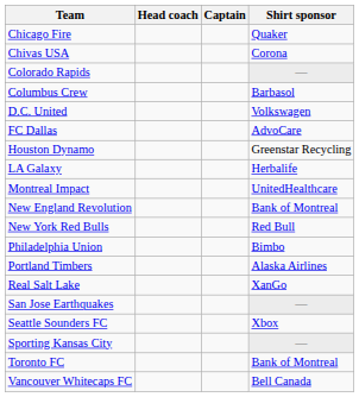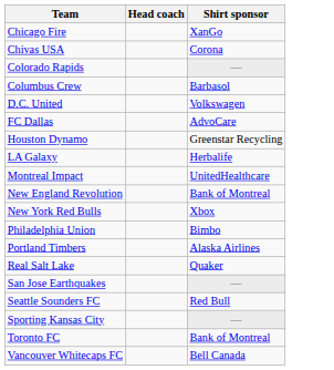 <table class="wikitable sortable" style="text-align: left;">
 <tr>
 <th>Team</th>
 <th>Head coach</th>
-<th>Captain</th>
 <th>Shirt sponsor</th>
 </tr>
 <tr>
 <td><a href='#'>Chicago Fire</a></td>
 <td> </td>
-<td> </td>
-<td><a href='#'>Quaker</a></td>
+<td><a href='#'>XanGo</a></td>
 </tr>
 <tr>
 <td><a href='#'>Chivas USA</a></td>
-<td> </td>
 <td> </td>
 <td><a href='#'>Corona</a></td>
 </tr>
 <tr>
 <td><a href='#'>Colorado Rapids</a></td>
 <td> </td>
-<td> </td>
 <td align="center" style="background:#ececec; color:gray">—</td>
 </tr>
 <tr>
 <td><a href='#'>Columbus Crew</a></td>
-<td> </td>
 <td> </td>
 <td><a href='#'>Barbasol</a></td>
 </tr>
 <tr>
 <td><a href='#'>D.C. United</a></td>
 <td> </td>
-<td> </td>
 <td><a href='#'>Volkswagen</a></td>
 </tr>
 <tr>
 <td><a href='#'>FC Dallas</a></td>
-<td> </td>
 <td> </td>
 <td><a href='#'>AdvoCare</a></td>
 </tr>
 <tr>
 <td><a href='#'>Houston Dynamo</a></td>
 <td> </td>
-<td> </td>
 <td>Greenstar Recycling</td>
 </tr>
 <tr>
 <td><a href='#'>LA Galaxy</a></td>
-<td> </td>
 <td> </td>
 <td><a href='#'>Herbalife</a></td>
 </tr>
 <tr>
 <td><a href='#'>Montreal Impact</a></td>
 <td> </td>
-<td> </td>
 <td><a href='#'>UnitedHealthcare</a></td>
 </tr>
 <tr>
 <td><a href='#'>New England Revolution</a></td>
-<td> </td>
 <td> </td>
 <td><a href='#'>Bank of Montreal</a></td>
 </tr>
 <tr>
 <td><a href='#'>New York Red Bulls</a></td>
 <td> </td>
-<td> </td>
-<td><a href='#'>Red Bull</a></td>
+<td><a href='#'>Xbox</a></td>
 </tr>
 <tr>
 <td><a href='#'>Philadelphia Union</a></td>
-<td> </td>
 <td> </td>
 <td><a href='#'>Bimbo</a></td>
 </tr>
 <tr>
 <td><a href='#'>Portland Timbers</a></td>
 <td> </td>
-<td> </td>
 <td><a href='#'>Alaska Airlines</a></td>
 </tr>
 <tr>
 <td><a href='#'>Real Salt Lake</a></td>
 <td> </td>
-<td> </td>
-<td><a href='#'>XanGo</a></td>
+<td><a href='#'>Quaker</a></td>
 </tr>
 <tr>
 <td><a href='#'>San Jose Earthquakes</a></td>
-<td> </td>
 <td> </td>
 <td align="center" style="background:#ececec; color:gray">—</td>
 </tr>
 <tr>
 <td><a href='#'>Seattle Sounders FC</a></td>
 <td> </td>
-<td> </td>
-<td><a href='#'>Xbox</a></td>
+<td><a href='#'>Red Bull</a></td>
 </tr>
 <tr>
 <td><a href='#'>Sporting Kansas City</a></td>
-<td> </td>
 <td> </td>
 <td align="center" style="background:#ececec; color:gray">—</td>
 </tr>
 <tr>
 <td><a href='#'>Toronto FC</a></td>
 <td> </td>
-<td> </td>
 <td><a href='#'>Bank of Montreal</a></td>
 </tr>
 <tr>
 <td><a href='#'>Vancouver Whitecaps FC</a></td>
 <td> </td>
-<td> </td>
 <td><a href='#'>Bell Canada</a></td>
 </tr>
 </table>
